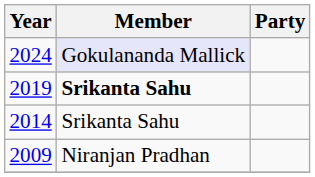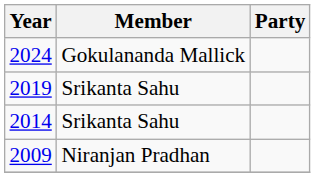 <table class="wikitable sortable">
 <tr>
 <th>Year</th>
 <th>Member</th>
 <th>Party</th>
 </tr>
 <tr>
 <td><a href='#'>2024</a></td>
-<td style="background: lavender;">Gokulananda Mallick</td>
+<td>Gokulananda Mallick</td>
 <td></td>
 </tr>
 <tr>
 <td><a href='#'>2019</a></td>
-<td><strong>Srikanta Sahu</strong></td>
+<td>Srikanta Sahu</td>
 <td></td>
 </tr>
 <tr>
 <td><a href='#'>2014</a></td>
 <td>Srikanta Sahu</td>
 <td></td>
 </tr>
 <tr>
 <td><a href='#'>2009</a></td>
 <td>Niranjan Pradhan</td>
 <td></td>
 </tr>
 <tr>
 </tr>
 </table>
